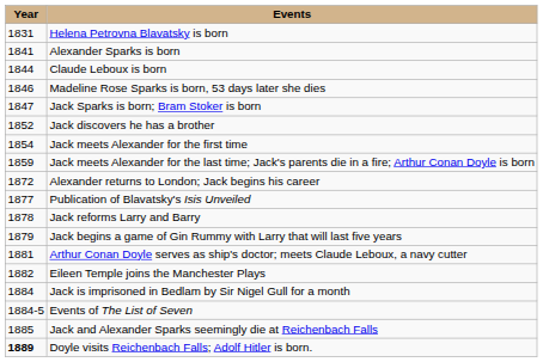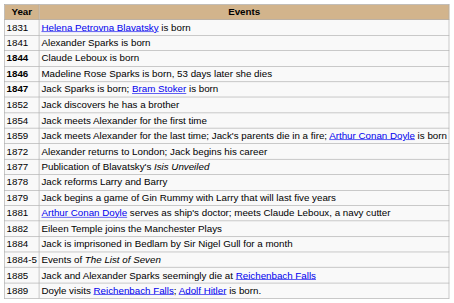 <table class="wikitable">
 <tr>
 <th style="background-color:tan;">Year</th>
 <th style="background-color:tan;">Events</th>
 </tr>
 <tr>
 <td>1831</td>
 <td><a href='#'>Helena Petrovna Blavatsky</a> is born</td>
 </tr>
 <tr>
 <td>1841</td>
 <td>Alexander Sparks is born</td>
 </tr>
 <tr>
-<td>1844</td>
+<td><strong>1844</strong></td>
 <td>Claude Leboux is born</td>
 </tr>
 <tr>
-<td>1846</td>
+<td><strong>1846</strong></td>
 <td>Madeline Rose Sparks is born, 53 days later she dies</td>
 </tr>
 <tr>
-<td>1847</td>
+<td><strong>1847</strong></td>
 <td>Jack Sparks is born; <a href='#'>Bram Stoker</a> is born</td>
 </tr>
 <tr>
 <td>1852</td>
 <td>Jack discovers he has a brother</td>
 </tr>
 <tr>
 <td>1854</td>
 <td>Jack meets Alexander for the first time</td>
 </tr>
 <tr>
 <td>1859</td>
 <td>Jack meets Alexander for the last time; Jack's parents die in a fire; <a href='#'>Arthur Conan Doyle</a> is born</td>
 </tr>
 <tr>
 <td>1872</td>
 <td>Alexander returns to London; Jack begins his career</td>
 </tr>
 <tr>
 <td>1877</td>
 <td>Publication of Blavatsky's <em>Isis Unveiled</em></td>
 </tr>
 <tr>
 <td>1878</td>
 <td>Jack reforms Larry and Barry</td>
 </tr>
 <tr>
 <td>1879</td>
 <td>Jack begins a game of Gin Rummy with Larry that will last five years</td>
 </tr>
 <tr>
 <td>1881</td>
 <td><a href='#'>Arthur Conan Doyle</a> serves as ship's doctor; meets Claude Leboux, a navy cutter</td>
 </tr>
 <tr>
 <td>1882</td>
 <td>Eileen Temple joins the Manchester Plays</td>
 </tr>
 <tr>
 <td>1884</td>
 <td>Jack is imprisoned in Bedlam by Sir Nigel Gull for a month</td>
 </tr>
 <tr>
 <td>1884-5</td>
 <td>Events of <em>The List of Seven</em></td>
 </tr>
 <tr>
 <td>1885</td>
 <td>Jack and Alexander Sparks seemingly die at <a href='#'>Reichenbach Falls</a></td>
 </tr>
 <tr>
-<td><strong>1889</strong></td>
+<td>1889</td>
 <td>Doyle visits <a href='#'>Reichenbach Falls</a>; <a href='#'>Adolf Hitler</a> is born.</td>
 </tr>
 </table>
